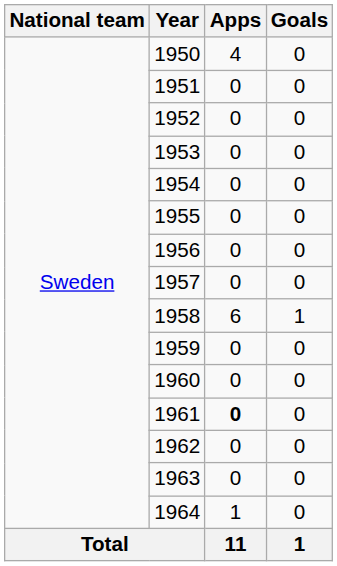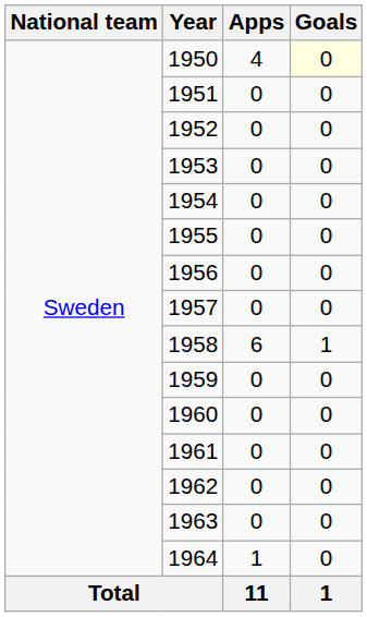 <table class="wikitable" style="text-align:center">
 <tr>
 <th>National team</th>
 <th>Year</th>
 <th>Apps</th>
 <th>Goals</th>
 </tr>
 <tr>
 <td rowspan="15"><a href='#'>Sweden</a></td>
 <td>1950</td>
 <td>4</td>
-<td>0</td>
+<td style="background: lightyellow;">0</td>
 </tr>
 <tr>
 <td>1951</td>
 <td>0</td>
 <td>0</td>
 </tr>
 <tr>
 <td>1952</td>
 <td>0</td>
 <td>0</td>
 </tr>
 <tr>
 <td>1953</td>
 <td>0</td>
 <td>0</td>
 </tr>
 <tr>
 <td>1954</td>
 <td>0</td>
 <td>0</td>
 </tr>
 <tr>
 <td>1955</td>
 <td>0</td>
 <td>0</td>
 </tr>
 <tr>
 <td>1956</td>
 <td>0</td>
 <td>0</td>
 </tr>
 <tr>
 <td>1957</td>
 <td>0</td>
 <td>0</td>
 </tr>
 <tr>
 <td>1958</td>
 <td>6</td>
 <td>1</td>
 </tr>
 <tr>
 <td>1959</td>
 <td>0</td>
 <td>0</td>
 </tr>
 <tr>
 <td>1960</td>
 <td>0</td>
 <td>0</td>
 </tr>
 <tr>
 <td>1961</td>
-<td><strong>0</strong></td>
+<td>0</td>
 <td>0</td>
 </tr>
 <tr>
 <td>1962</td>
 <td>0</td>
 <td>0</td>
 </tr>
 <tr>
 <td>1963</td>
 <td>0</td>
 <td>0</td>
 </tr>
 <tr>
 <td>1964</td>
 <td>1</td>
 <td>0</td>
 </tr>
 <tr>
 <th colspan="2">Total</th>
 <th>11</th>
 <th>1</th>
 </tr>
 </table>
